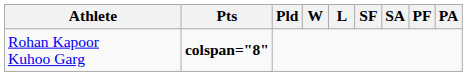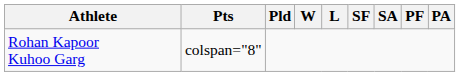 <table class=wikitable style="text-align:center">
 <tr>
 <th width="175">Athlete</th>
 <th width="20">Pts</th>
 <th width="20">Pld</th>
 <th width="20">W</th>
 <th width="20">L</th>
 <th width="20">SF</th>
 <th width="20">SA</th>
 <th width="20">PF</th>
 <th width="20">PA</th>
 </tr>
 <tr>
 <td style="text-align:left"> <a href='#'>Rohan Kapoor</a> <br>  <a href='#'>Kuhoo Garg</a></td>
-<td><strong>colspan="8" </strong></td>
+<td>colspan="8" </td>
 </tr>
 </table>
